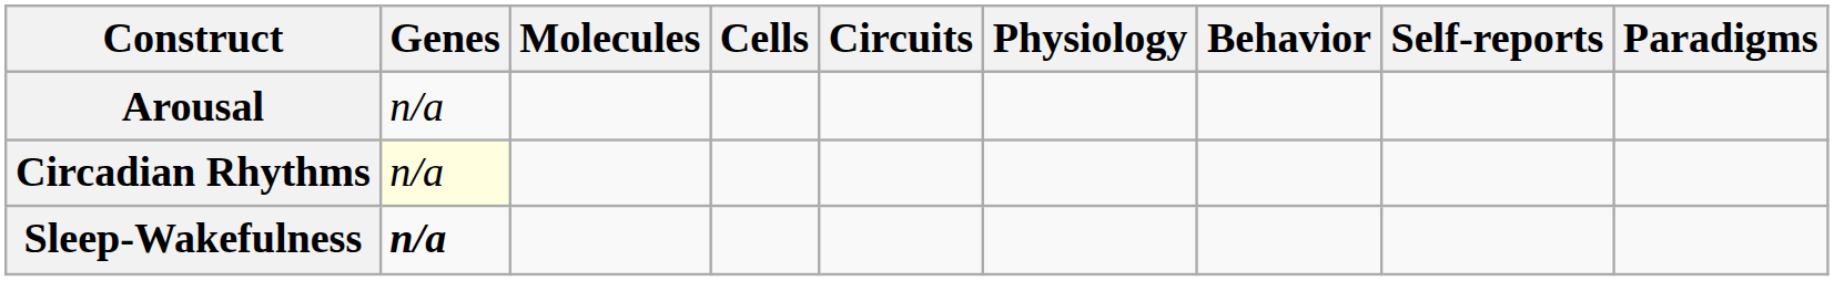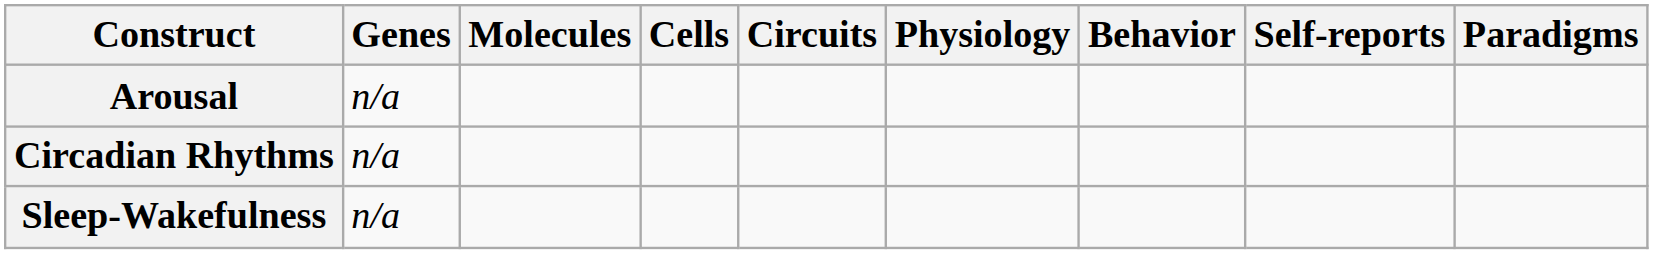 <table class="wikitable">
 <tr>
 <th colspan="2">Construct </th>
 <th>Genes</th>
 <th>Molecules</th>
 <th>Cells</th>
 <th>Circuits</th>
 <th>Physiology</th>
 <th>Behavior</th>
 <th>Self-reports</th>
 <th>Paradigms</th>
 </tr>
 <tr>
 <th colspan="2">Arousal</th>
 <td><em>n/a</em></td>
 <td></td>
 <td></td>
 <td></td>
 <td></td>
 <td></td>
 <td></td>
 <td></td>
 </tr>
 <tr>
 <th colspan="2">Circadian Rhythms</th>
-<td style="background: lightyellow;"><em>n/a</em></td>
+<td><em>n/a</em></td>
 <td></td>
 <td></td>
 <td></td>
 <td></td>
 <td></td>
 <td></td>
 <td></td>
 </tr>
 <tr>
 <th colspan="2">Sleep-Wakefulness</th>
-<td><strong><em>n/a</em></strong></td>
+<td><em>n/a</em></td>
 <td></td>
 <td></td>
 <td></td>
 <td></td>
 <td></td>
 <td></td>
 <td></td>
 </tr>
 </table>
